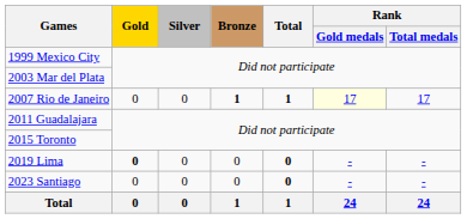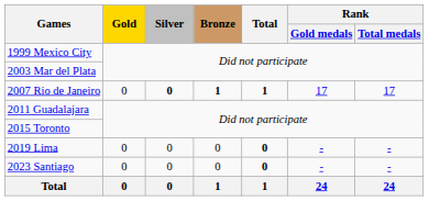 <table class="wikitable" style="text-align:center; font-size:90%;">
 <tr>
 <th rowspan="2">Games</th>
 <td rowspan="2" style="background:gold; width:3.2em; font-weight:bold;">Gold</td>
 <td rowspan="2" style="background:silver; width:3.7em; font-weight:bold;">Silver</td>
 <td rowspan="2" style="background:#c96; width:3.7em; font-weight:bold;">Bronze</td>
 <th rowspan="2" style="width:3.5em; font-weight:bold;">Total</th>
 <th colspan="2" style="width:4em; font-weight:bold;">Rank</th>
 </tr>
 <tr>
 <th><a href='#'>Gold medals</a></th>
 <th><a href='#'>Total medals</a></th>
 </tr>
 <tr>
 <td align=left> <a href='#'>1999 Mexico City</a></td>
 <td colspan="6" rowspan="2"><span><em>Did not participate</em></span></td>
 </tr>
 <tr>
 <td align=left> <a href='#'>2003 Mar del Plata</a></td>
 </tr>
 <tr>
 <td align=left> <a href='#'>2007 Rio de Janeiro</a></td>
 <td>0</td>
-<td>0</td>
+<td><strong>0</strong></td>
 <td><strong>1</strong></td>
 <td><strong>1</strong></td>
-<td style="background: lightyellow;"><a href='#'>17</a></td>
+<td><a href='#'>17</a></td>
 <td><a href='#'>17</a></td>
 </tr>
 <tr>
 <td align=left> <a href='#'>2011 Guadalajara</a></td>
 <td colspan="6" rowspan="2"><span><em>Did not participate</em></span></td>
 </tr>
 <tr>
 <td align=left> <a href='#'>2015 Toronto</a></td>
 </tr>
 <tr>
 <td align=left> <a href='#'>2019 Lima</a></td>
-<td><strong>0</strong></td>
+<td>0</td>
 <td>0</td>
 <td>0</td>
 <td><strong>0</strong></td>
 <td><a href='#'>-</a></td>
 <td><a href='#'>-</a></td>
 </tr>
 <tr>
 <td align=left> <a href='#'>2023 Santiago</a></td>
 <td>0</td>
 <td>0</td>
 <td>0</td>
 <td><strong>0</strong></td>
 <td><a href='#'>-</a></td>
 <td><a href='#'>-</a></td>
 </tr>
 <tr>
 <th>Total</th>
 <th>0</th>
 <th>0</th>
 <th>1</th>
 <th>1</th>
 <th><a href='#'>24</a></th>
 <th><a href='#'>24</a></th>
 </tr>
 </table>
